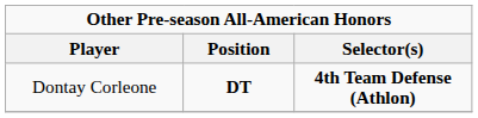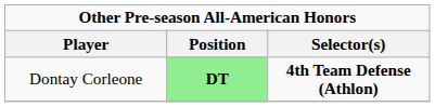 <table class="wikitable" style="text-align:center">
 <tr>
 <td colspan="6" style="text-align:center; "><strong>Other Pre-season All-American Honors</strong></td>
 </tr>
 <tr>
 <th style="width:150px; ">Player</th>
 <th style="width:90px; ">Position</th>
 <th style="width:150px; ">Selector(s)</th>
 </tr>
 <tr>
 <td>Dontay Corleone</td>
-<td><strong>DT</strong></td>
+<td style="background: lightgreen;"><strong>DT</strong></td>
 <td><strong>4th Team Defense (Athlon)</strong></td>
 </tr>
 <tr>
 </tr>
 </table>
